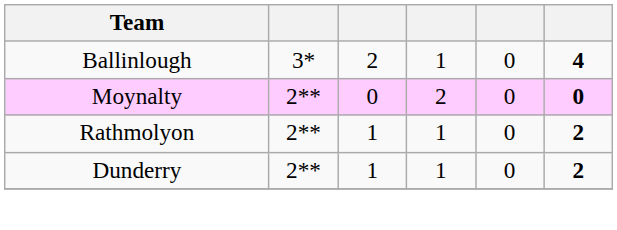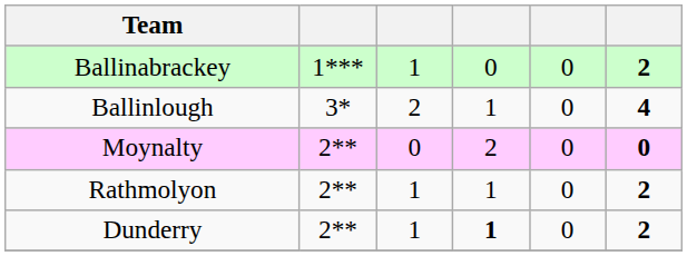 <table class="wikitable" style="text-align:center">
 <tr>
 <th width="175">Team</th>
 <th width="40"></th>
 <th width="40"></th>
 <th width="40"></th>
 <th width="40"></th>
 <th width="40"></th>
+</tr>
+<tr style="background:#cfc;">
+<td>Ballinabrackey</td>
+<td>1***</td>
+<td>1</td>
+<td>0</td>
+<td>0</td>
+<td><strong>2</strong></td>
 </tr>
 <tr>
 <td>Ballinlough</td>
 <td>3*</td>
 <td>2</td>
 <td>1</td>
 <td>0</td>
 <td><strong>4</strong></td>
 </tr>
 <tr style="background:#fcf;">
 <td>Moynalty</td>
 <td>2**</td>
 <td>0</td>
 <td>2</td>
 <td>0</td>
 <td><strong>0</strong></td>
 </tr>
 <tr>
 <td>Rathmolyon</td>
 <td>2**</td>
 <td>1</td>
 <td>1</td>
 <td>0</td>
 <td><strong>2</strong></td>
 </tr>
 <tr>
 <td>Dunderry</td>
 <td>2**</td>
 <td>1</td>
-<td>1</td>
+<td><strong>1</strong></td>
 <td>0</td>
 <td><strong>2</strong></td>
 </tr>
 <tr>
 </tr>
 </table>
